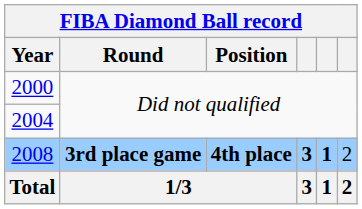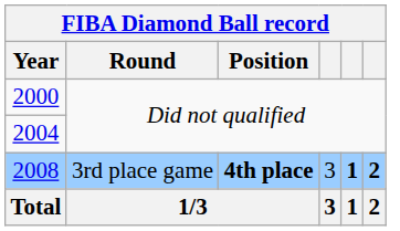 <table class="wikitable" style="text-align: center;">
 <tr>
 <th colspan=10><a href='#'>FIBA Diamond Ball record</a></th>
 </tr>
 <tr>
 <th>Year</th>
 <th>Round</th>
 <th>Position</th>
 <th></th>
 <th></th>
 <th></th>
 </tr>
 <tr>
 <td> <a href='#'>2000</a></td>
 <td colspan=5 rowspan=2><em>Did not qualified</em></td>
 </tr>
 <tr>
 <td> <a href='#'>2004</a></td>
 </tr>
 <tr style="background:#9acdff;">
 <td> <a href='#'>2008</a></td>
-<td><strong>3rd place game</strong></td>
+<td>3rd place game</td>
 <td><strong>4th place</strong></td>
-<td><strong>3</strong></td>
+<td>3</td>
 <td><strong>1</strong></td>
-<td>2</td>
+<td><strong>2</strong></td>
 </tr>
 <tr>
 <th>Total</th>
 <th colspan=2>1/3</th>
 <th>3</th>
 <th>1</th>
 <th>2</th>
 </tr>
 </table>
